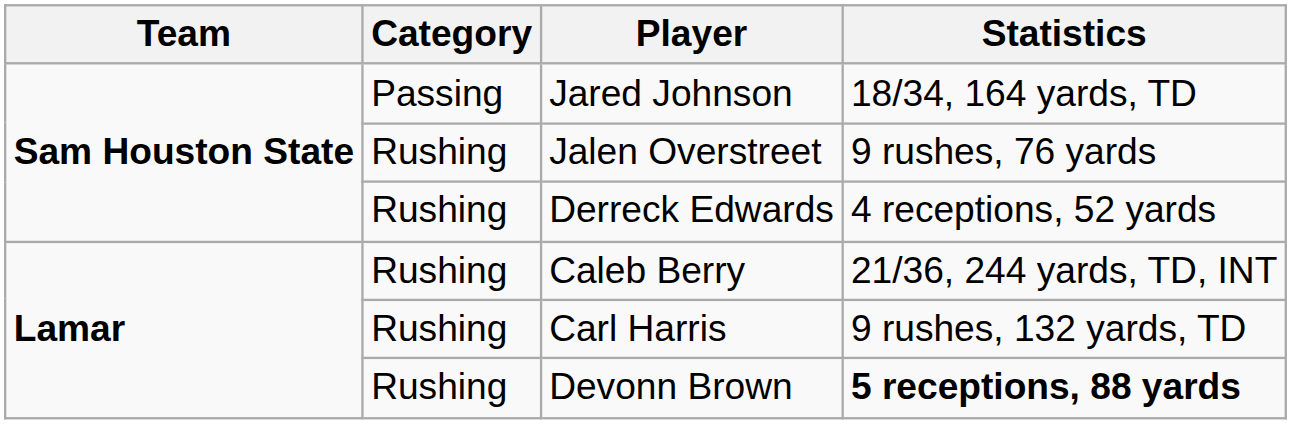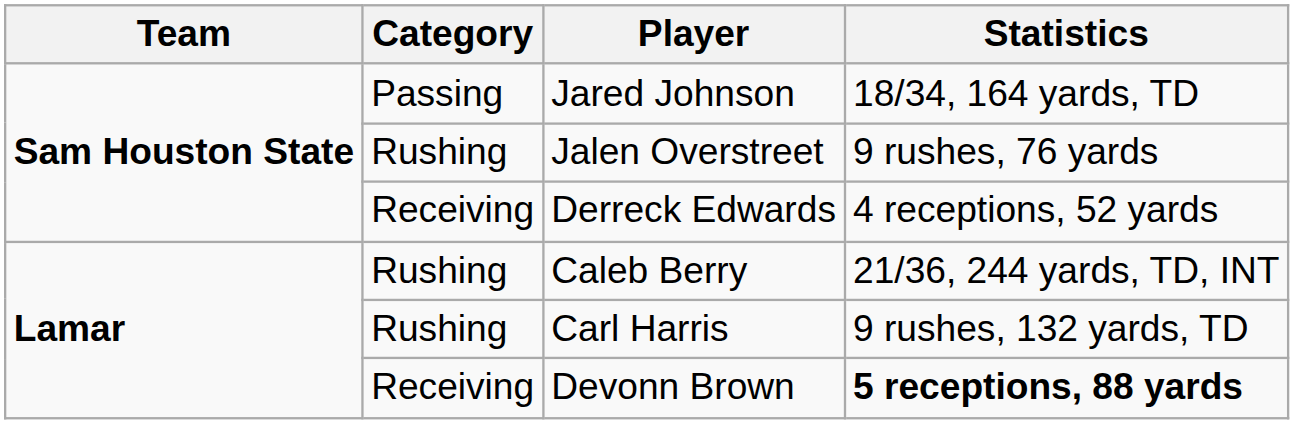 <table class="wikitable" style="float: left;">
 <tr>
 <th>Team</th>
 <th>Category</th>
 <th>Player</th>
 <th>Statistics</th>
 </tr>
 <tr>
 <td rowspan=3><strong>Sam Houston State</strong></td>
 <td>Passing</td>
 <td>Jared Johnson</td>
 <td>18/34, 164 yards, TD</td>
 </tr>
 <tr>
 <td>Rushing</td>
 <td>Jalen Overstreet</td>
 <td>9 rushes, 76 yards</td>
 </tr>
 <tr>
-<td>Rushing</td>
+<td>Receiving</td>
 <td>Derreck Edwards</td>
 <td>4 receptions, 52 yards</td>
 </tr>
 <tr>
 <td rowspan=3><strong>Lamar</strong></td>
 <td>Rushing</td>
 <td>Caleb Berry</td>
 <td>21/36, 244 yards, TD, INT</td>
 </tr>
 <tr>
 <td>Rushing</td>
 <td>Carl Harris</td>
 <td>9 rushes, 132 yards, TD</td>
 </tr>
 <tr>
-<td>Rushing</td>
+<td>Receiving</td>
 <td>Devonn Brown</td>
 <td><strong>5 receptions, 88 yards</strong></td>
 </tr>
 </table>
